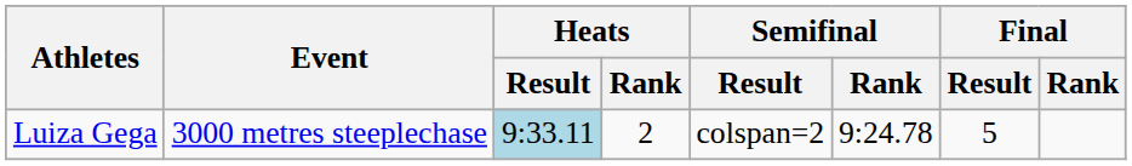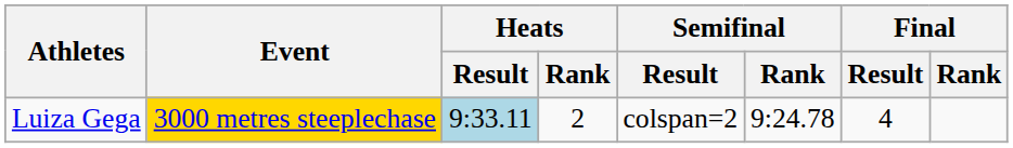 <table class="wikitable" border="1" style="font-size:90%">
 <tr>
 <th rowspan="2">Athletes</th>
 <th rowspan="2">Event</th>
 <th colspan="2">Heats</th>
 <th colspan="2">Semifinal</th>
 <th colspan="2">Final</th>
 </tr>
 <tr>
 <th>Result</th>
 <th>Rank</th>
 <th>Result</th>
 <th>Rank</th>
 <th>Result</th>
 <th>Rank</th>
 </tr>
 <tr>
 <td><a href='#'>Luiza Gega</a></td>
-<td><a href='#'>3000 metres steeplechase</a></td>
+<td style="background: gold;"><a href='#'>3000 metres steeplechase</a></td>
 <td align=center style="background: lightblue;">9:33.11</td>
 <td align=center>2</td>
 <td>colspan=2 </td>
 <td align=center>9:24.78</td>
-<td align=center>5</td>
+<td align=center>4</td>
 </tr>
 </table>
